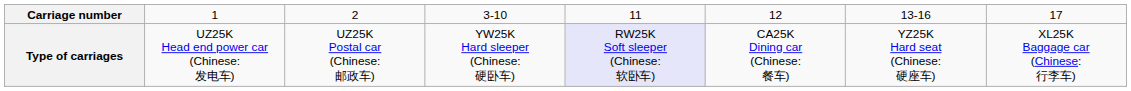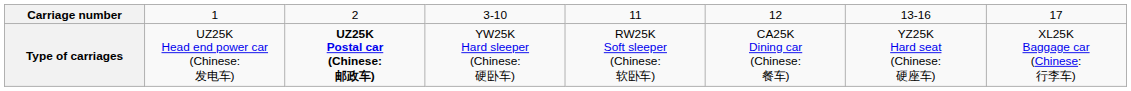 <table class="wikitable" style="text-align: center; font-size: small;">
 <tr>
 <th>Carriage number</th>
 <td>1</td>
 <td>2</td>
 <td>3-10</td>
 <td>11</td>
 <td>12</td>
 <td>13-16</td>
 <td>17</td>
 </tr>
 <tr>
 <th style="width: 10%;">Type of carriages</th>
 <td style="width: 10%;">UZ25K<br><a href='#'>Head end power car</a><br>(Chinese:<br>发电车)</td>
-<td style="width: 10%;">UZ25K<br><a href='#'>Postal car</a><br>(Chinese:<br>邮政车)</td>
+<td style="width: 10%;"><strong>UZ25K<br><a href='#'>Postal car</a><br>(Chinese:<br>邮政车)</strong></td>
 <td style="width: 10%;">YW25K<br><a href='#'>Hard sleeper</a><br>(Chinese:<br>硬卧车)</td>
-<td style="background: lavender; width: 10%;">RW25K<br><a href='#'>Soft sleeper</a><br>(Chinese:<br>软卧车)</td>
+<td style="width: 10%;">RW25K<br><a href='#'>Soft sleeper</a><br>(Chinese:<br>软卧车)</td>
 <td style="width: 10%;">CA25K<br><a href='#'>Dining car</a><br>(Chinese:<br>餐车)</td>
 <td style="width: 10%;">YZ25K<br><a href='#'>Hard seat</a><br>(Chinese:<br>硬座车)</td>
 <td style="width: 10%;">XL25K<br><a href='#'>Baggage car</a><br>(<a href='#'>Chinese</a>:<br>行李车)</td>
 </tr>
 </table>
